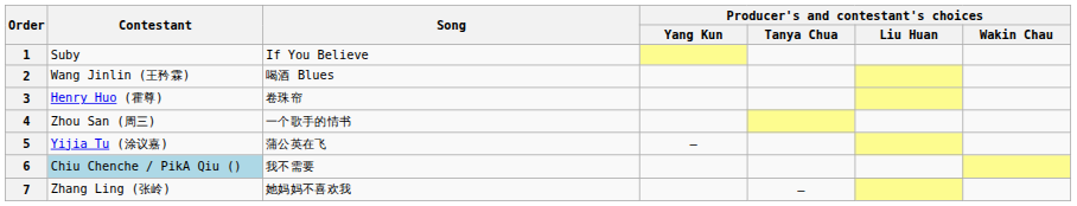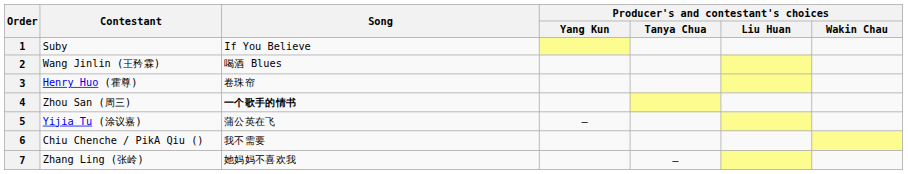 <table class="wikitable" style="width:90%;">
 <tr>
 <th rowspan=2 width="1%">Order</th>
 <th rowspan=2 width="20%">Contestant</th>
 <th rowspan=2 width="35%">Song</th>
 <th colspan=4 width="40%">Producer's and contestant's choices</th>
 </tr>
 <tr>
 <th width="10%">Yang Kun</th>
 <th width="10%">Tanya Chua</th>
 <th width="10%">Liu Huan</th>
 <th width="10%">Wakin Chau</th>
 </tr>
 <tr>
 <th>1</th>
 <td>Suby<br></td>
 <td>If You Believe</td>
 <td style="background:#FDFC8F;text-align:center;"></td>
 <td style="text-align:center;"></td>
 <td style="text-align:center;"></td>
 <td style="text-align:center;"></td>
 </tr>
 <tr>
 <th>2</th>
 <td>Wang Jinlin (王矜霖)<br></td>
 <td>喝酒 Blues<br></td>
 <td style="text-align:center;"></td>
 <td style="text-align:center;"></td>
 <td style="background:#FDFC8F;text-align:center;"></td>
 <td style="text-align:center;"></td>
 </tr>
 <tr>
 <th>3</th>
 <td><a href='#'>Henry Huo</a> (霍尊)<br></td>
 <td>卷珠帘<br></td>
 <td style="text-align:center;"></td>
 <td style="text-align:center;"></td>
 <td style="background:#FDFC8F;text-align:center;"></td>
 <td style="text-align:center;"></td>
 </tr>
 <tr>
 <th>4</th>
 <td>Zhou San (周三)<br></td>
-<td>一个歌手的情书<br></td>
+<td><strong>一个歌手的情书<br></strong></td>
 <td style="text-align:center;"></td>
 <td style="background:#FDFC8F;text-align:center;"></td>
 <td style="text-align:center;"></td>
 <td style="text-align:center;"></td>
 </tr>
 <tr>
 <th>5</th>
 <td><a href='#'>Yijia Tu</a> (涂议嘉)<br></td>
 <td>蒲公英在飞<br></td>
 <td align="center">—</td>
 <td style="text-align:center;"></td>
 <td style="background:#FDFC8F;text-align:center;"></td>
 <td style="text-align:center;"></td>
 </tr>
 <tr>
 <th>6</th>
-<td style="background: lightblue;">Chiu Chenche / PikA Qiu ()<br></td>
+<td>Chiu Chenche / PikA Qiu ()<br></td>
 <td>我不需要<br></td>
 <td style="text-align:center;"></td>
 <td style="text-align:center;"></td>
 <td style="text-align:center;"></td>
 <td style="background:#FDFC8F;text-align:center;"></td>
 </tr>
 <tr>
 <th>7</th>
 <td>Zhang Ling (张岭)<br></td>
 <td>她妈妈不喜欢我<br></td>
 <td style="text-align:center;"></td>
 <td style="text-align:center;">—</td>
 <td style="background:#FDFC8F;text-align:center;"></td>
 <td style="text-align:center;"></td>
 </tr>
 </table>
